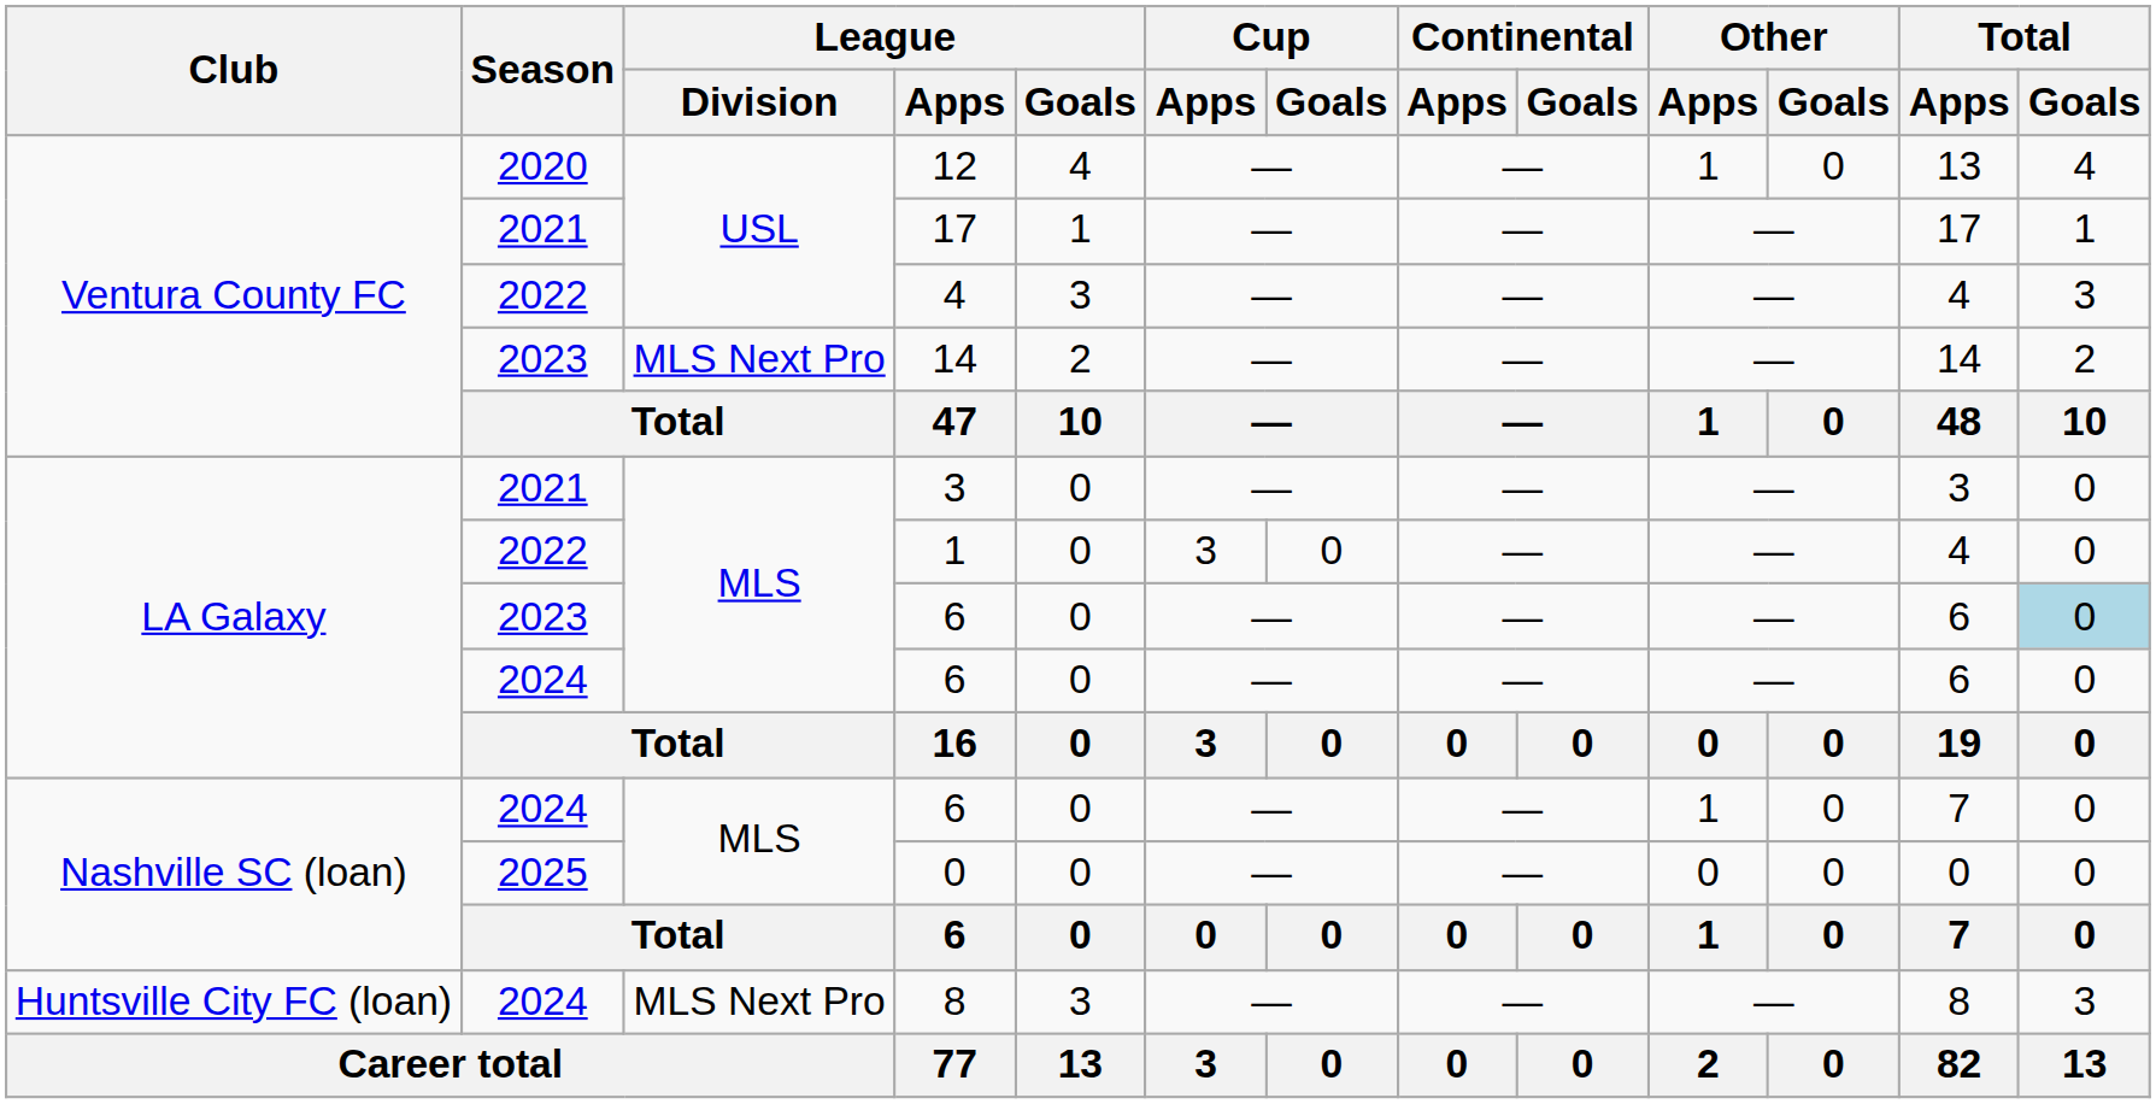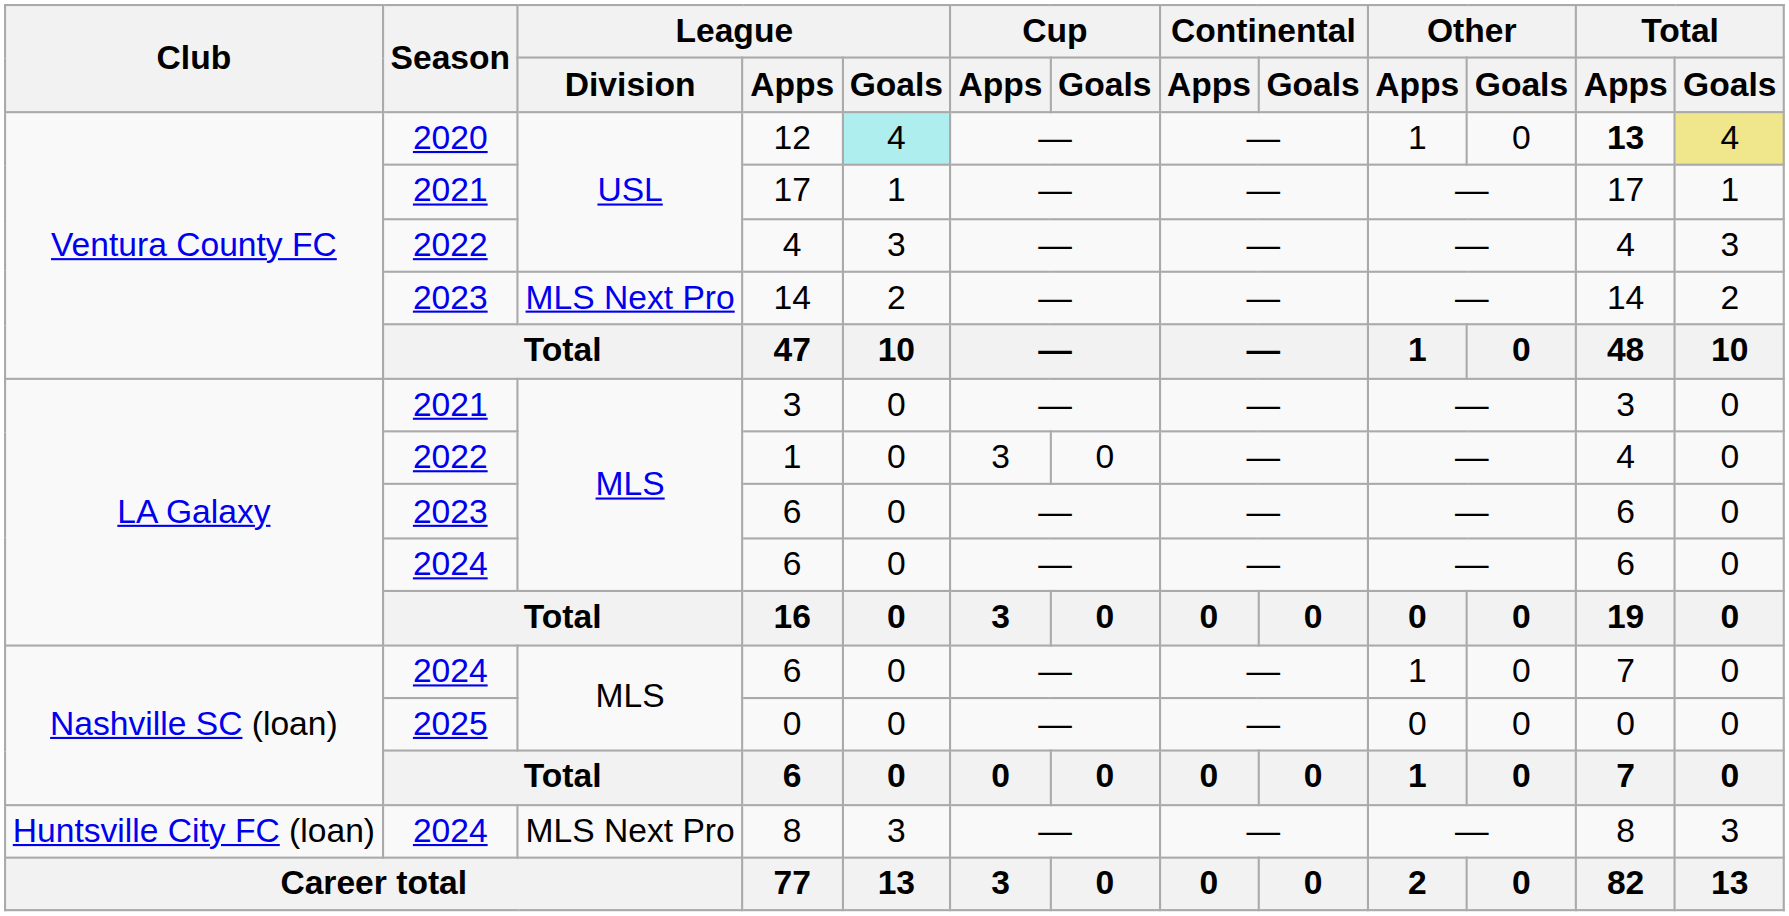 <table class="wikitable" style="text-align: center;">
 <tr>
 <th rowspan="2">Club</th>
 <th rowspan="2">Season</th>
 <th colspan="3">League</th>
 <th colspan="2">Cup</th>
 <th colspan="2">Continental</th>
 <th colspan="2">Other</th>
 <th colspan="2">Total</th>
 </tr>
 <tr>
 <th>Division</th>
 <th>Apps</th>
 <th>Goals</th>
 <th>Apps</th>
 <th>Goals</th>
 <th>Apps</th>
 <th>Goals</th>
 <th>Apps</th>
 <th>Goals</th>
 <th>Apps</th>
 <th>Goals</th>
 </tr>
 <tr>
 <td rowspan="5"><a href='#'>Ventura County FC</a></td>
 <td><a href='#'>2020</a></td>
 <td rowspan="3"><a href='#'>USL</a></td>
 <td>12</td>
-<td>4</td>
+<td style="background: paleturquoise;">4</td>
 <td colspan=2>—</td>
 <td colspan=2>—</td>
 <td>1</td>
 <td>0</td>
-<td>13</td>
-<td>4</td>
+<td><strong>13</strong></td>
+<td style="background: khaki;">4</td>
 </tr>
 <tr>
 <td><a href='#'>2021</a></td>
 <td>17</td>
 <td>1</td>
 <td colspan=2>—</td>
 <td colspan=2>—</td>
 <td colspan=2>—</td>
 <td>17</td>
 <td>1</td>
 </tr>
 <tr>
 <td><a href='#'>2022</a></td>
 <td>4</td>
 <td>3</td>
 <td colspan=2>—</td>
 <td colspan=2>—</td>
 <td colspan=2>—</td>
 <td>4</td>
 <td>3</td>
 </tr>
 <tr>
 <td><a href='#'>2023</a></td>
 <td rowspan="1"><a href='#'>MLS Next Pro</a></td>
 <td>14</td>
 <td>2</td>
 <td colspan=2>—</td>
 <td colspan=2>—</td>
 <td colspan=2>—</td>
 <td>14</td>
 <td>2</td>
 </tr>
 <tr>
 <th colspan=2>Total</th>
 <th>47</th>
 <th>10</th>
 <th colspan=2>—</th>
 <th colspan=2>—</th>
 <th>1</th>
 <th>0</th>
 <th>48</th>
 <th>10</th>
 </tr>
 <tr>
 <td rowspan="5"><a href='#'>LA Galaxy</a></td>
 <td><a href='#'>2021</a></td>
 <td rowspan="4"><a href='#'>MLS</a></td>
 <td>3</td>
 <td>0</td>
 <td colspan=2>—</td>
 <td colspan=2>—</td>
 <td colspan=2>—</td>
 <td>3</td>
 <td>0</td>
 </tr>
 <tr>
 <td><a href='#'>2022</a></td>
 <td>1</td>
 <td>0</td>
 <td>3</td>
 <td>0</td>
 <td colspan=2>—</td>
 <td colspan=2>—</td>
 <td>4</td>
 <td>0</td>
 </tr>
 <tr>
 <td><a href='#'>2023</a></td>
 <td>6</td>
 <td>0</td>
 <td colspan=2>—</td>
 <td colspan=2>—</td>
 <td colspan=2>—</td>
 <td>6</td>
-<td style="background: lightblue;">0</td>
+<td>0</td>
 </tr>
 <tr>
 <td><a href='#'>2024</a></td>
 <td>6</td>
 <td>0</td>
 <td colspan=2>—</td>
 <td colspan=2>—</td>
 <td colspan=2>—</td>
 <td>6</td>
 <td>0</td>
 </tr>
 <tr>
 <th colspan=2>Total</th>
 <th>16</th>
 <th>0</th>
 <th>3</th>
 <th>0</th>
 <th>0</th>
 <th>0</th>
 <th>0</th>
 <th>0</th>
 <th>19</th>
 <th>0</th>
 </tr>
 <tr>
 <td rowspan="3"><a href='#'>Nashville SC</a> (loan)</td>
 <td><a href='#'>2024</a></td>
 <td rowspan="2">MLS</td>
 <td>6</td>
 <td>0</td>
 <td colspan=2>—</td>
 <td colspan=2>—</td>
 <td>1</td>
 <td>0</td>
 <td>7</td>
 <td>0</td>
 </tr>
 <tr>
 <td><a href='#'>2025</a></td>
 <td>0</td>
 <td>0</td>
 <td colspan=2>—</td>
 <td colspan=2>—</td>
 <td>0</td>
 <td>0</td>
 <td>0</td>
 <td>0</td>
 </tr>
 <tr>
 <th colspan=2>Total</th>
 <th>6</th>
 <th>0</th>
 <th>0</th>
 <th>0</th>
 <th>0</th>
 <th>0</th>
 <th>1</th>
 <th>0</th>
 <th>7</th>
 <th>0</th>
 </tr>
 <tr>
 <td rowspan="1"><a href='#'>Huntsville City FC</a> (loan)</td>
 <td><a href='#'>2024</a></td>
 <td rowspan="1">MLS Next Pro</td>
 <td>8</td>
 <td>3</td>
 <td colspan=2>—</td>
 <td colspan=2>—</td>
 <td colspan=2>—</td>
 <td>8</td>
 <td>3</td>
 </tr>
 <tr>
 <th colspan="3">Career total</th>
 <th>77</th>
 <th>13</th>
 <th>3</th>
 <th>0</th>
 <th>0</th>
 <th>0</th>
 <th>2</th>
 <th>0</th>
 <th>82</th>
 <th>13</th>
 </tr>
 </table>
